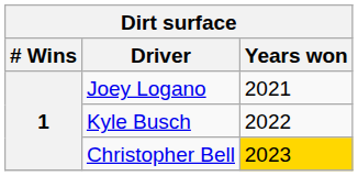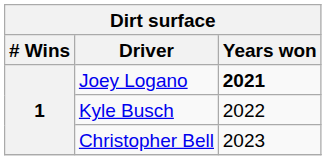 <table class="wikitable" style="font-size: 95%;">
 <tr>
 <th colspan="3">Dirt surface</th>
 </tr>
 <tr>
 <th># Wins</th>
 <th>Driver</th>
 <th>Years won</th>
 </tr>
 <tr>
 <th rowspan="3">1</th>
 <td><a href='#'>Joey Logano</a></td>
-<td>2021</td>
+<td><strong>2021</strong></td>
 </tr>
 <tr>
 <td><a href='#'>Kyle Busch</a></td>
 <td>2022</td>
 </tr>
 <tr>
 <td><a href='#'>Christopher Bell</a></td>
-<td style="background: gold;">2023</td>
+<td>2023</td>
 </tr>
 <tr>
 </tr>
 </table>
